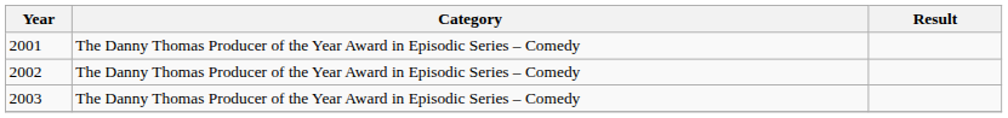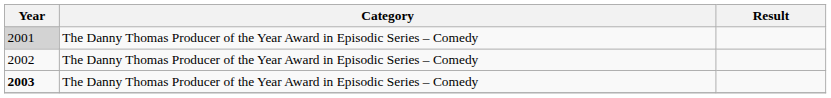 <table class="wikitable" style="font-size: 90%" width=100%>
 <tr>
 <th width="5%">Year</th>
 <th width="60%">Category</th>
 <th width="10%">Result</th>
 </tr>
 <tr>
-<td>2001</td>
+<td style="background: lightgrey;">2001</td>
 <td>The Danny Thomas Producer of the Year Award in Episodic Series – Comedy</td>
 <td></td>
 </tr>
 <tr>
 <td>2002</td>
 <td>The Danny Thomas Producer of the Year Award in Episodic Series – Comedy</td>
 <td></td>
 </tr>
 <tr>
-<td>2003</td>
+<td><strong>2003</strong></td>
 <td>The Danny Thomas Producer of the Year Award in Episodic Series – Comedy</td>
 <td></td>
 </tr>
 <tr>
 </tr>
 </table>
